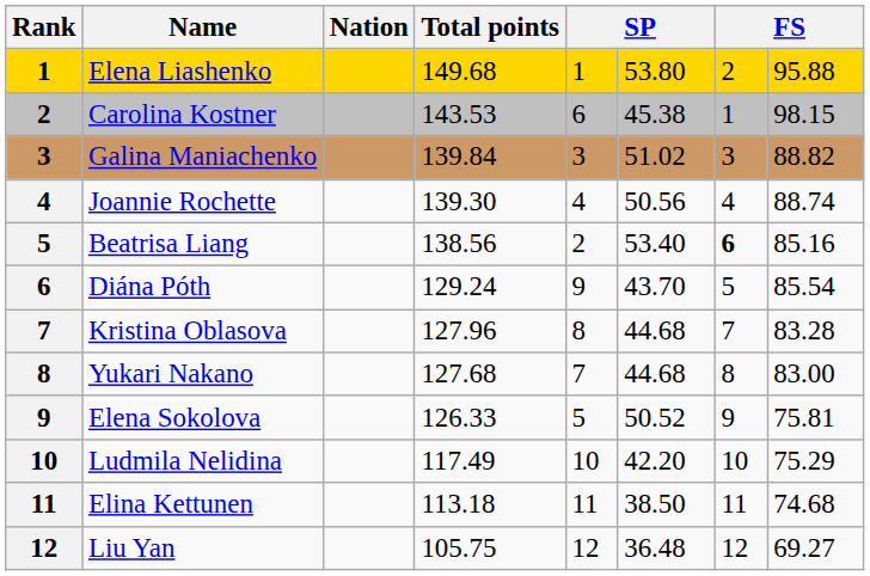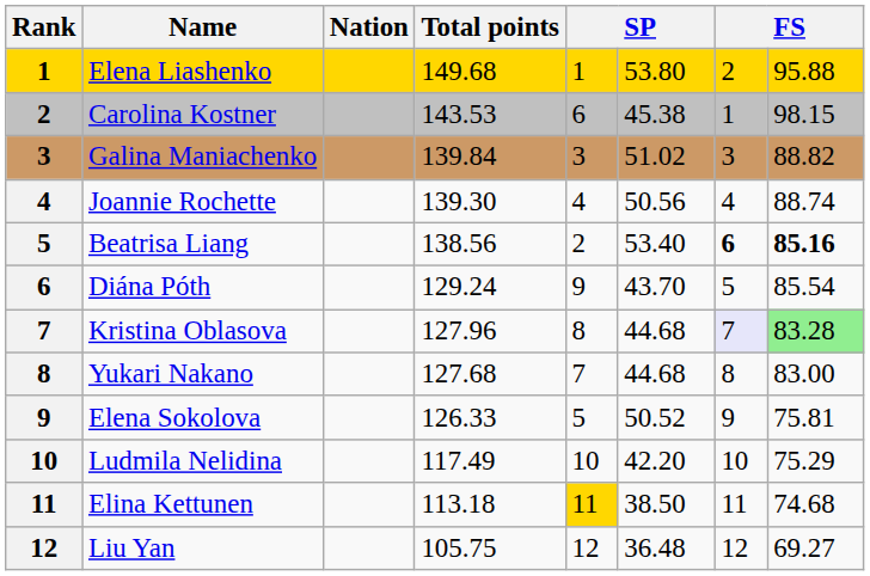 <table class="wikitable">
 <tr>
 <th>Rank</th>
 <th>Name</th>
 <th>Nation</th>
 <th>Total points</th>
 <th colspan="2" width="80px"><a href='#'>SP</a></th>
 <th colspan="2" width="80px"><a href='#'>FS</a></th>
 </tr>
 <tr bgcolor="gold">
 <td align="center"><strong>1</strong></td>
 <td><a href='#'>Elena Liashenko</a></td>
 <td></td>
 <td>149.68</td>
 <td>1</td>
 <td>53.80</td>
 <td>2</td>
 <td>95.88</td>
 </tr>
 <tr bgcolor="silver">
 <td align="center"><strong>2</strong></td>
 <td><a href='#'>Carolina Kostner</a></td>
 <td></td>
 <td>143.53</td>
 <td>6</td>
 <td>45.38</td>
 <td>1</td>
 <td>98.15</td>
 </tr>
 <tr bgcolor="cc9966">
 <td align="center"><strong>3</strong></td>
 <td><a href='#'>Galina Maniachenko</a></td>
 <td></td>
 <td>139.84</td>
 <td>3</td>
 <td>51.02</td>
 <td>3</td>
 <td>88.82</td>
 </tr>
 <tr>
 <th>4</th>
 <td><a href='#'>Joannie Rochette</a></td>
 <td></td>
 <td>139.30</td>
 <td>4</td>
 <td>50.56</td>
 <td>4</td>
 <td>88.74</td>
 </tr>
 <tr>
 <th>5</th>
 <td><a href='#'>Beatrisa Liang</a></td>
 <td></td>
 <td>138.56</td>
 <td>2</td>
 <td>53.40</td>
 <td><strong>6</strong></td>
-<td>85.16</td>
+<td><strong>85.16</strong></td>
 </tr>
 <tr>
 <th>6</th>
 <td><a href='#'>Diána Póth</a></td>
 <td></td>
 <td>129.24</td>
 <td>9</td>
 <td>43.70</td>
 <td>5</td>
 <td>85.54</td>
 </tr>
 <tr>
 <th>7</th>
 <td><a href='#'>Kristina Oblasova</a></td>
 <td></td>
 <td>127.96</td>
 <td>8</td>
 <td>44.68</td>
-<td>7</td>
-<td>83.28</td>
+<td style="background: lavender;">7</td>
+<td style="background: lightgreen;">83.28</td>
 </tr>
 <tr>
 <th>8</th>
 <td><a href='#'>Yukari Nakano</a></td>
 <td></td>
 <td>127.68</td>
 <td>7</td>
 <td>44.68</td>
 <td>8</td>
 <td>83.00</td>
 </tr>
 <tr>
 <th>9</th>
 <td><a href='#'>Elena Sokolova</a></td>
 <td></td>
 <td>126.33</td>
 <td>5</td>
 <td>50.52</td>
 <td>9</td>
 <td>75.81</td>
 </tr>
 <tr>
 <th>10</th>
 <td><a href='#'>Ludmila Nelidina</a></td>
 <td></td>
 <td>117.49</td>
 <td>10</td>
 <td>42.20</td>
 <td>10</td>
 <td>75.29</td>
 </tr>
 <tr>
 <th>11</th>
 <td><a href='#'>Elina Kettunen</a></td>
 <td></td>
 <td>113.18</td>
-<td>11</td>
+<td style="background: gold;">11</td>
 <td>38.50</td>
 <td>11</td>
 <td>74.68</td>
 </tr>
 <tr>
 <th>12</th>
 <td><a href='#'>Liu Yan</a></td>
 <td></td>
 <td>105.75</td>
 <td>12</td>
 <td>36.48</td>
 <td>12</td>
 <td>69.27</td>
 </tr>
 </table>
